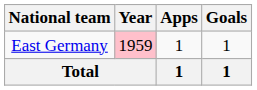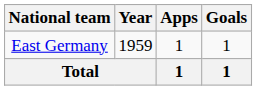 <table class=wikitable style="text-align: center;">
 <tr>
 <th>National team</th>
 <th>Year</th>
 <th>Apps</th>
 <th>Goals</th>
 </tr>
 <tr>
 <td rowspan=1><a href='#'>East Germany</a></td>
-<td style="background: pink;">1959</td>
+<td>1959</td>
 <td>1</td>
 <td>1</td>
 </tr>
 <tr>
 <th colspan=2>Total</th>
 <th>1</th>
 <th>1</th>
 </tr>
 </table>
